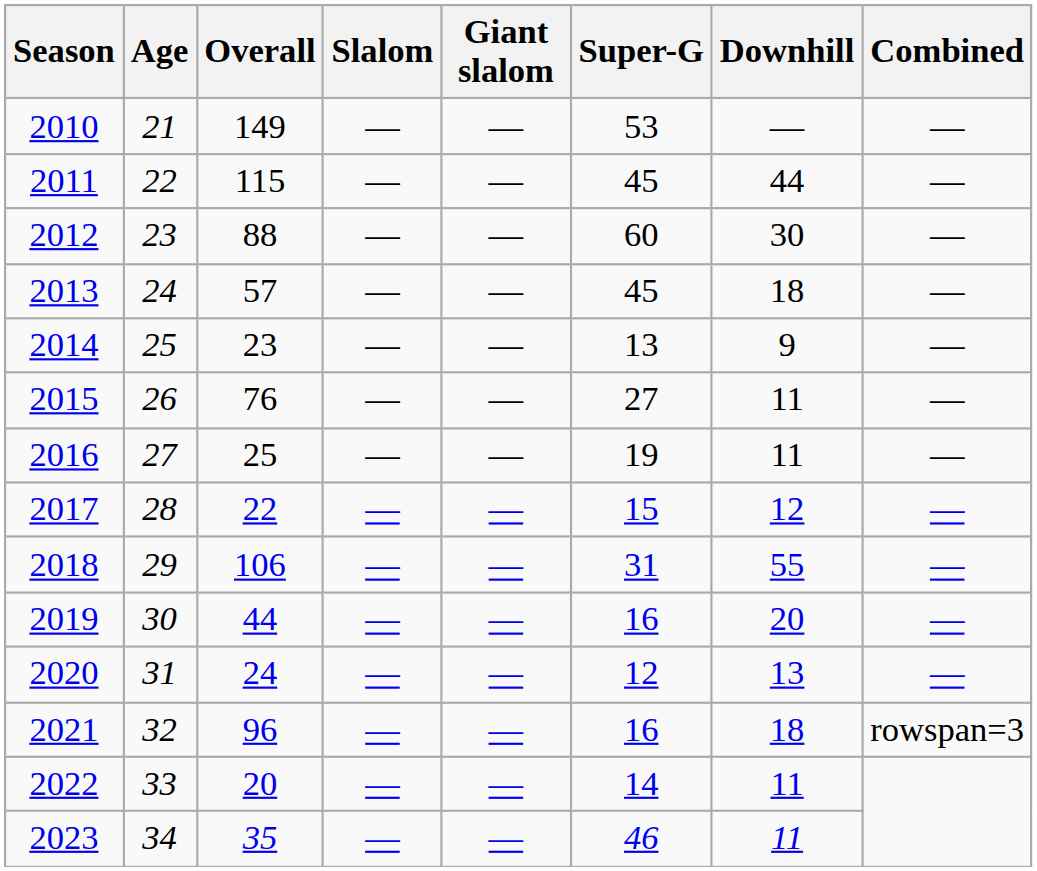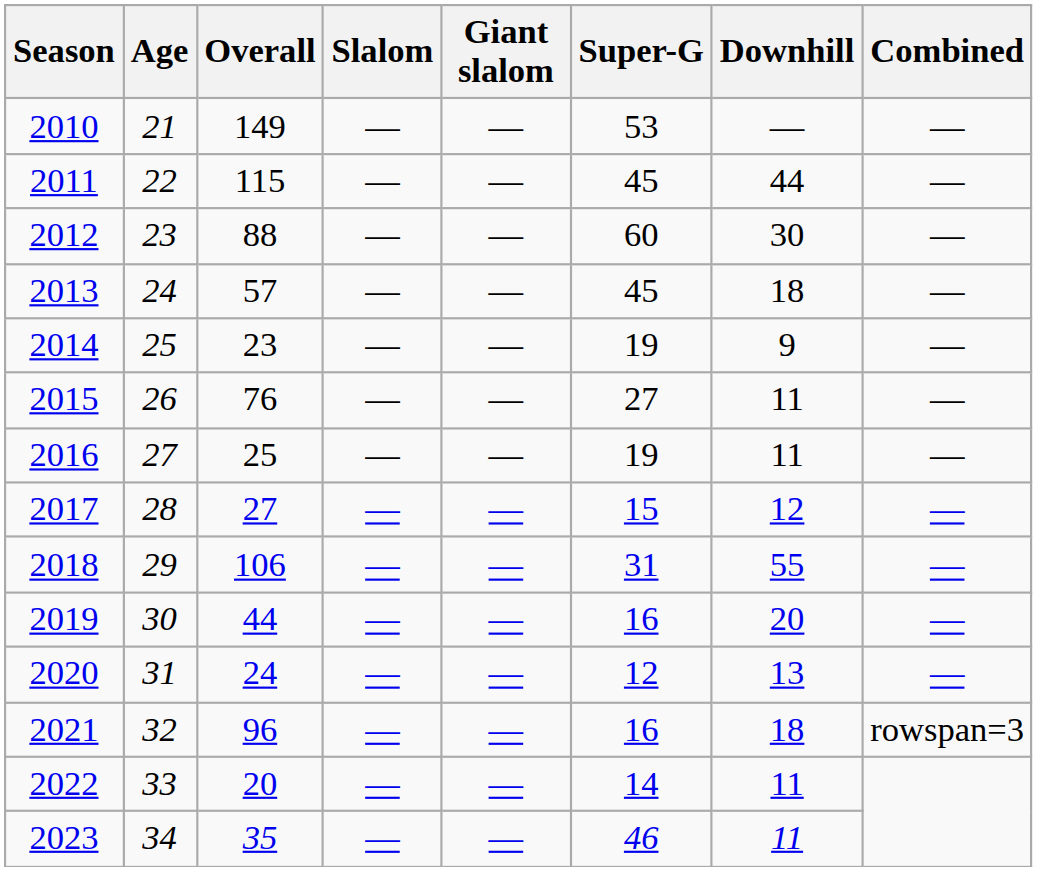 <table class="wikitable" style="text-align:center; font-size:100%;">
 <tr>
 <th>Season</th>
 <th>Age</th>
 <th>Overall</th>
 <th>Slalom</th>
 <th>Giant<br> slalom </th>
 <th>Super-G</th>
 <th>Downhill</th>
 <th>Combined</th>
 </tr>
 <tr>
 <td><a href='#'>2010</a></td>
 <td><em>21</em></td>
 <td>149</td>
 <td>—</td>
 <td>—</td>
 <td>53</td>
 <td>—</td>
 <td>—</td>
 </tr>
 <tr>
 <td><a href='#'>2011</a></td>
 <td><em>22</em></td>
 <td>115</td>
 <td>—</td>
 <td>—</td>
 <td>45</td>
 <td>44</td>
 <td>—</td>
 </tr>
 <tr>
 <td><a href='#'>2012</a></td>
 <td><em>23</em></td>
 <td>88</td>
 <td>—</td>
 <td>—</td>
 <td>60</td>
 <td>30</td>
 <td>—</td>
 </tr>
 <tr>
 <td><a href='#'>2013</a></td>
 <td><em>24</em></td>
 <td>57</td>
 <td>—</td>
 <td>—</td>
 <td>45</td>
 <td>18</td>
 <td>—</td>
 </tr>
 <tr>
 <td><a href='#'>2014</a></td>
 <td><em>25</em></td>
 <td>23</td>
 <td>—</td>
 <td>—</td>
-<td>13</td>
+<td>19</td>
 <td>9</td>
 <td>—</td>
 </tr>
 <tr>
 <td><a href='#'>2015</a></td>
 <td><em>26</em></td>
 <td>76</td>
 <td>—</td>
 <td>—</td>
 <td>27</td>
 <td>11</td>
 <td>—</td>
 </tr>
 <tr>
 <td><a href='#'>2016</a></td>
 <td><em>27</em></td>
 <td>25</td>
 <td>—</td>
 <td>—</td>
 <td>19</td>
 <td>11</td>
 <td>—</td>
 </tr>
 <tr>
 <td><a href='#'>2017</a></td>
 <td><em>28</em></td>
-<td><a href='#'>22</a></td>
+<td><a href='#'>27</a></td>
 <td><a href='#'>—</a></td>
 <td><a href='#'>—</a></td>
 <td><a href='#'>15</a></td>
 <td><a href='#'>12</a></td>
 <td><a href='#'>—</a></td>
 </tr>
 <tr>
 <td><a href='#'>2018</a></td>
 <td><em>29</em></td>
 <td><a href='#'>106</a></td>
 <td><a href='#'>—</a></td>
 <td><a href='#'>—</a></td>
 <td><a href='#'>31</a></td>
 <td><a href='#'>55</a></td>
 <td><a href='#'>—</a></td>
 </tr>
 <tr>
 <td><a href='#'>2019</a></td>
 <td><em>30</em></td>
 <td><a href='#'>44</a></td>
 <td><a href='#'>—</a></td>
 <td><a href='#'>—</a></td>
 <td><a href='#'>16</a></td>
 <td><a href='#'>20</a></td>
 <td><a href='#'>—</a></td>
 </tr>
 <tr>
 <td><a href='#'>2020</a></td>
 <td><em>31</em></td>
 <td><a href='#'>24</a></td>
 <td><a href='#'>—</a></td>
 <td><a href='#'>—</a></td>
 <td><a href='#'>12</a></td>
 <td><a href='#'>13</a></td>
 <td><a href='#'>—</a></td>
 </tr>
 <tr>
 <td><a href='#'>2021</a></td>
 <td><em>32</em></td>
 <td><a href='#'>96</a></td>
 <td><a href='#'>—</a></td>
 <td><a href='#'>—</a></td>
 <td><a href='#'>16</a></td>
 <td><a href='#'>18</a></td>
 <td>rowspan=3 </td>
 </tr>
 <tr>
 <td><a href='#'>2022</a></td>
 <td><em>33</em></td>
 <td><a href='#'>20</a></td>
 <td><a href='#'>—</a></td>
 <td><a href='#'>—</a></td>
 <td><a href='#'>14</a></td>
 <td><a href='#'>11</a></td>
 </tr>
 <tr>
 <td><a href='#'>2023</a></td>
 <td><em>34</em></td>
 <td><em><a href='#'>35</a></em></td>
 <td><a href='#'>—</a></td>
 <td><a href='#'>—</a></td>
 <td><em><a href='#'>46</a></em></td>
 <td><em><a href='#'>11</a></em></td>
 </tr>
 </table>
